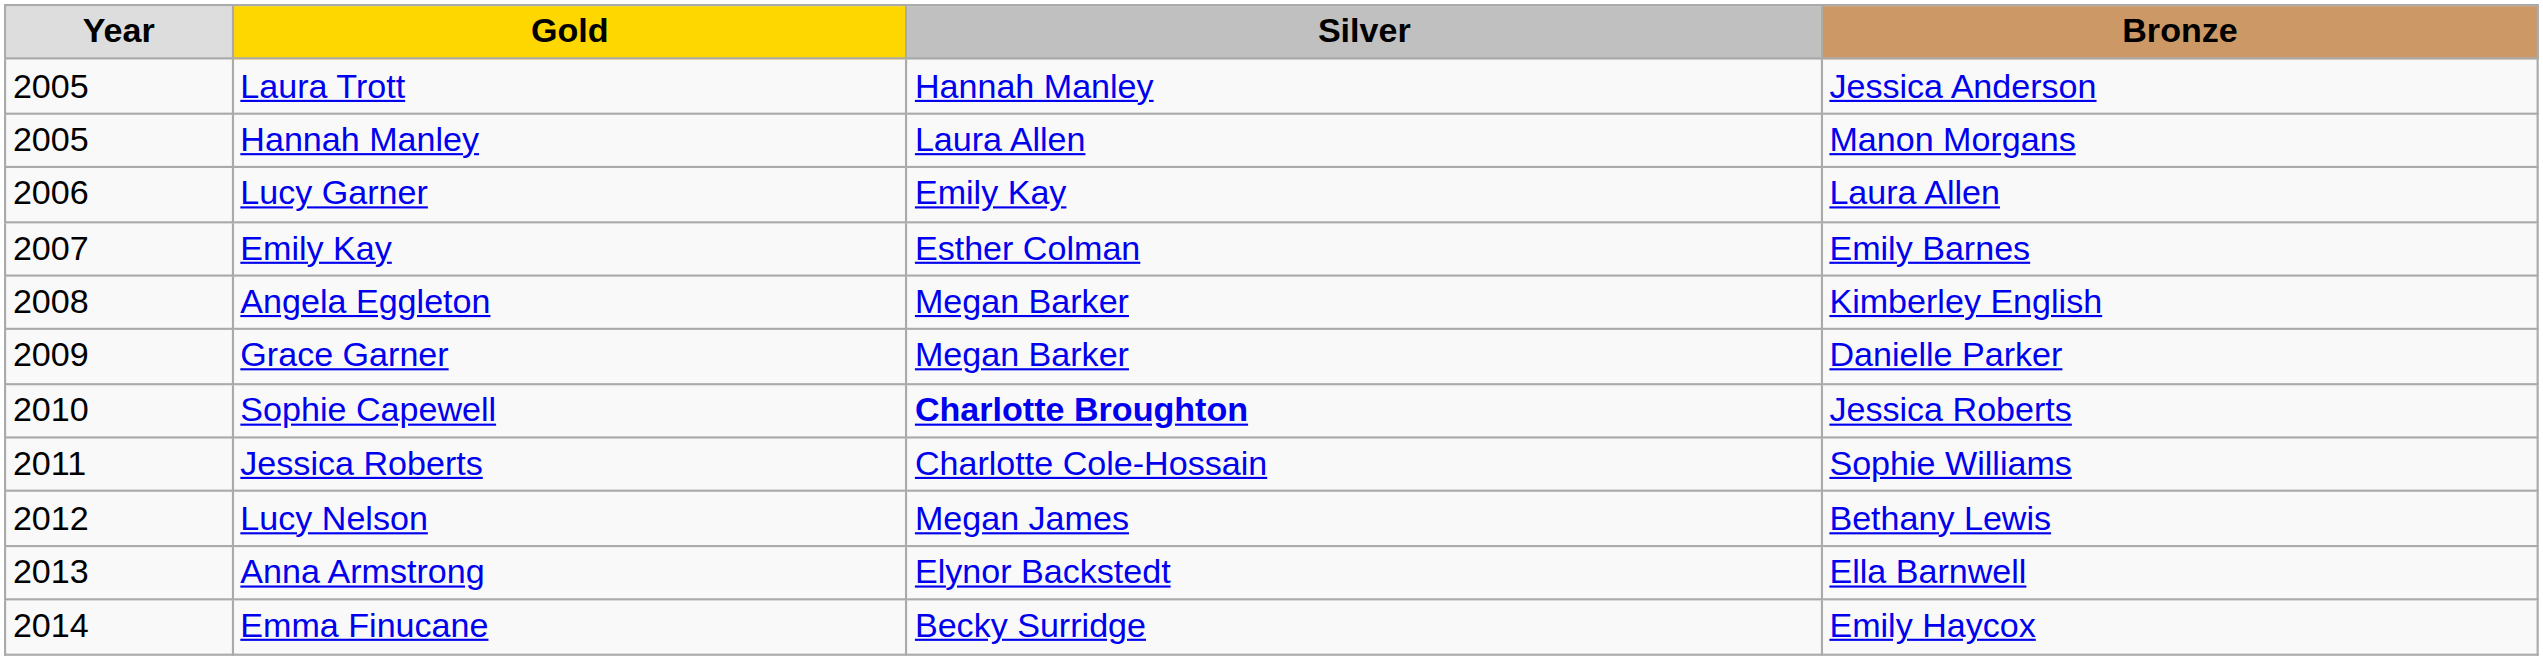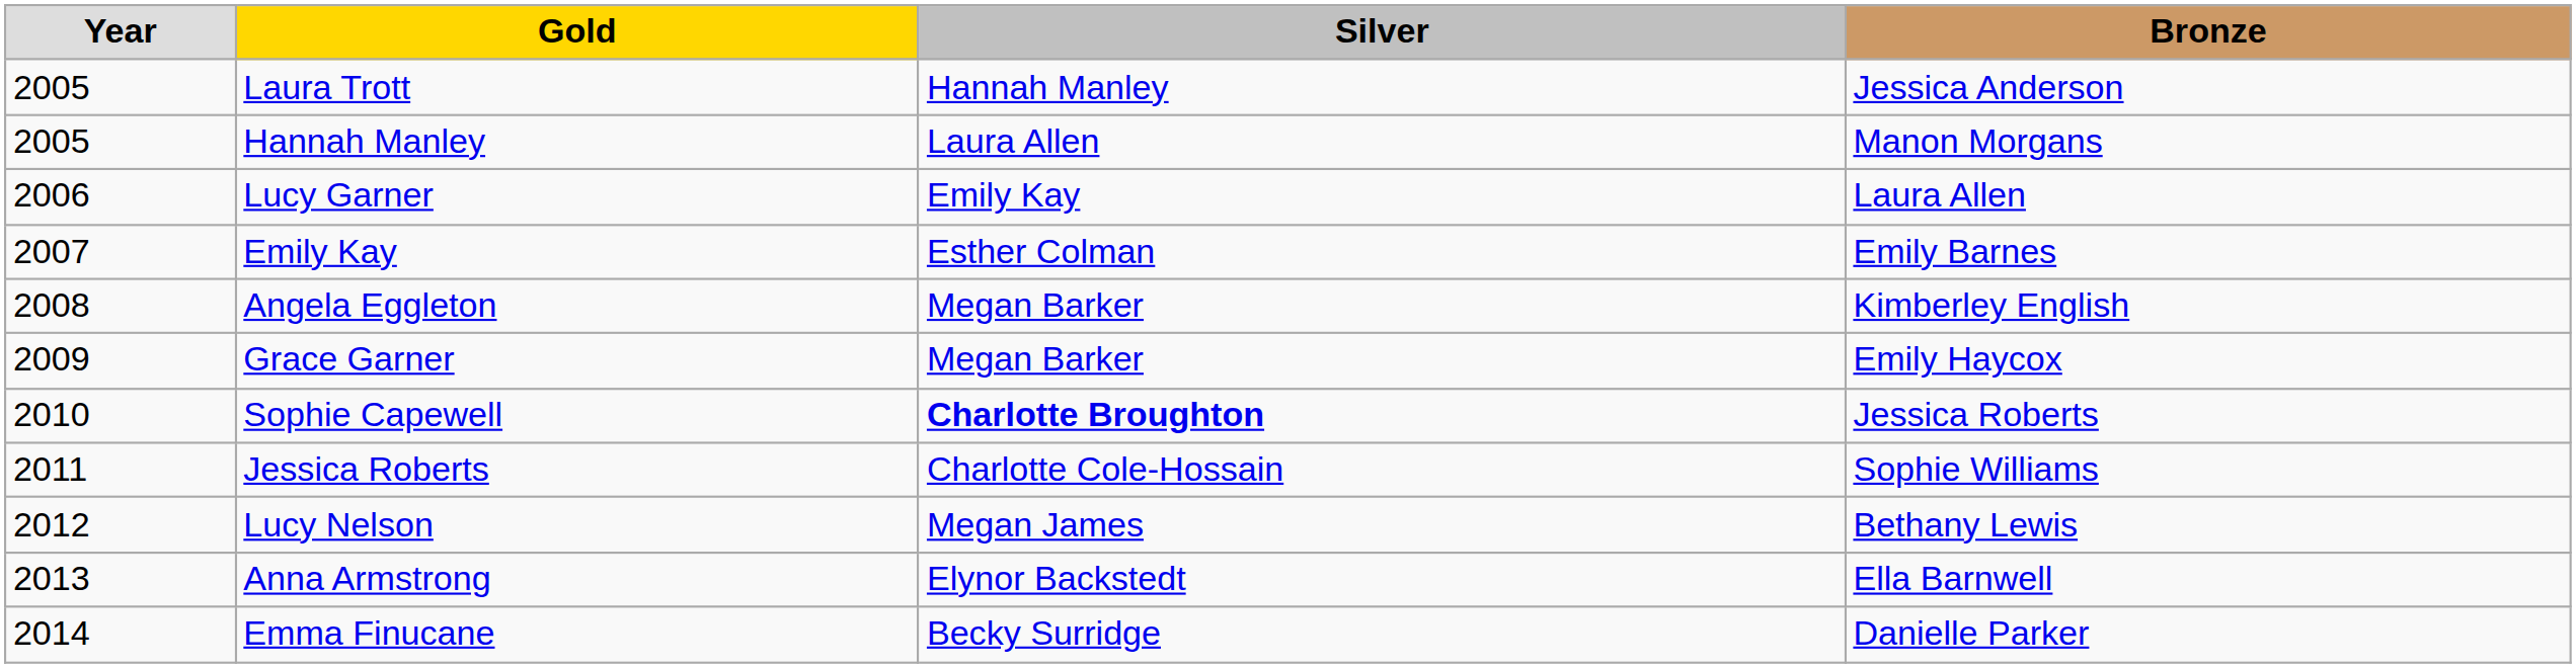 <table class="wikitable" style="width: 60%; text-align:left;">
 <tr style="text-align:center; font-weight:bold;">
 <td style="background:#ddd; ">Year</td>
 <td style="background:gold; ">Gold</td>
 <td style="background:silver; ">Silver</td>
 <td style="background:#c96; ">Bronze</td>
 </tr>
 <tr>
 <td>2005</td>
 <td><a href='#'>Laura Trott</a></td>
 <td><a href='#'>Hannah Manley</a></td>
 <td><a href='#'>Jessica Anderson</a></td>
 </tr>
 <tr>
 <td>2005</td>
 <td><a href='#'>Hannah Manley</a></td>
 <td><a href='#'>Laura Allen</a></td>
 <td><a href='#'>Manon Morgans</a></td>
 </tr>
 <tr>
 <td>2006</td>
 <td><a href='#'>Lucy Garner</a></td>
 <td><a href='#'>Emily Kay</a></td>
 <td><a href='#'>Laura Allen</a></td>
 </tr>
 <tr>
 <td>2007</td>
 <td><a href='#'>Emily Kay</a></td>
 <td><a href='#'>Esther Colman</a></td>
 <td><a href='#'>Emily Barnes</a></td>
 </tr>
 <tr>
 <td>2008</td>
 <td><a href='#'>Angela Eggleton</a></td>
 <td><a href='#'>Megan Barker</a></td>
 <td><a href='#'>Kimberley English</a></td>
 </tr>
 <tr>
 <td>2009</td>
 <td><a href='#'>Grace Garner</a></td>
 <td><a href='#'>Megan Barker</a></td>
-<td><a href='#'>Danielle Parker</a></td>
+<td><a href='#'>Emily Haycox</a></td>
 </tr>
 <tr>
 <td>2010</td>
 <td><a href='#'>Sophie Capewell</a></td>
 <td><strong><a href='#'>Charlotte Broughton</a></strong></td>
 <td><a href='#'>Jessica Roberts</a></td>
 </tr>
 <tr>
 <td>2011</td>
 <td><a href='#'>Jessica Roberts</a></td>
 <td><a href='#'>Charlotte Cole-Hossain</a></td>
 <td><a href='#'>Sophie Williams</a></td>
 </tr>
 <tr>
 <td>2012</td>
 <td><a href='#'>Lucy Nelson</a></td>
 <td><a href='#'>Megan James</a></td>
 <td><a href='#'>Bethany Lewis</a></td>
 </tr>
 <tr>
 <td>2013</td>
 <td><a href='#'>Anna Armstrong</a></td>
 <td><a href='#'>Elynor Backstedt</a></td>
 <td><a href='#'>Ella Barnwell</a></td>
 </tr>
 <tr>
 <td>2014</td>
 <td><a href='#'>Emma Finucane</a></td>
 <td><a href='#'>Becky Surridge</a></td>
-<td><a href='#'>Emily Haycox</a></td>
+<td><a href='#'>Danielle Parker</a></td>
 </tr>
 </table>
